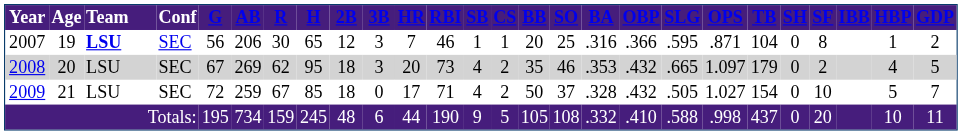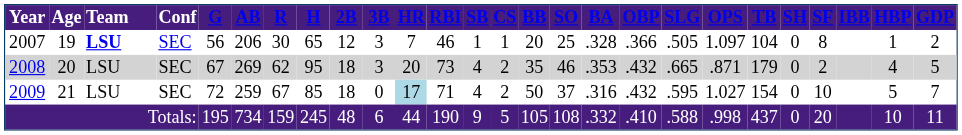 <table cellspacing="0" cellpadding="2" style="border: 1px #083c6b solid; text-align: center">
 <tr style="background-color:#461D7C; color:white">
 <th width="35">Year</th>
 <th align="left" width="20">Age</th>
 <th align="left" width="60">Team</th>
 <th align="left" width="20">Conf</th>
 <th width="25"><a href='#'><span>G</span></a></th>
 <th width="25"><a href='#'><span>AB</span></a></th>
 <th width="25"><a href='#'><span>R</span></a></th>
 <th width="25"><a href='#'><span>H</span></a></th>
 <th width="25"><a href='#'><span>2B</span></a></th>
 <th width="25"><a href='#'><span>3B</span></a></th>
 <th width="20"><a href='#'><span>HR</span></a></th>
 <th width="25"><a href='#'><span>RBI</span></a></th>
 <th width="20"><a href='#'><span>SB</span></a></th>
 <th width="20"><a href='#'><span>CS</span></a></th>
 <th width="20"><a href='#'><span>BB</span></a></th>
 <th width="20"><a href='#'><span>SO</span></a></th>
 <th width="30"><a href='#'><span>BA</span></a></th>
 <th width="30"><a href='#'><span>OBP</span></a></th>
 <th width="30"><a href='#'><span>SLG</span></a></th>
 <th width="30"><a href='#'><span>OPS</span></a></th>
 <th width="25"><a href='#'><span>TB</span></a></th>
 <th width="20"><a href='#'><span>SH</span></a></th>
 <th width="20"><a href='#'><span>SF</span></a></th>
 <th width="25"><a href='#'><span>IBB</span></a></th>
 <th width="25"><a href='#'><span>HBP</span></a></th>
 <th width="25"><a href='#'><span>GDP</span></a></th>
 </tr>
 <tr>
 <td>2007</td>
 <td>19</td>
 <td align="left"><strong><a href='#'>LSU</a></strong></td>
 <td align="left"><a href='#'>SEC</a></td>
 <td>56</td>
 <td>206</td>
 <td>30</td>
 <td>65</td>
 <td>12</td>
 <td>3</td>
 <td>7</td>
 <td>46</td>
 <td>1</td>
 <td>1</td>
 <td>20</td>
 <td>25</td>
-<td>.316</td>
+<td>.328</td>
 <td>.366</td>
-<td>.595</td>
-<td>.871</td>
+<td>.505</td>
+<td>1.097</td>
 <td>104</td>
 <td>0</td>
 <td>8</td>
 <td></td>
 <td>1</td>
 <td>2</td>
 </tr>
 <tr style="background-color:#D3D3D3">
 <td><a href='#'>2008</a></td>
 <td>20</td>
 <td align="left">LSU</td>
 <td align="left">SEC</td>
 <td>67</td>
 <td>269</td>
 <td>62</td>
 <td>95</td>
 <td>18</td>
 <td>3</td>
 <td>20</td>
 <td>73</td>
 <td>4</td>
 <td>2</td>
 <td>35</td>
 <td>46</td>
 <td>.353</td>
 <td>.432</td>
 <td>.665</td>
-<td>1.097</td>
+<td>.871</td>
 <td>179</td>
 <td>0</td>
 <td>2</td>
 <td></td>
 <td>4</td>
 <td>5</td>
 </tr>
 <tr>
 <td><a href='#'>2009</a></td>
 <td>21</td>
 <td align="left">LSU</td>
 <td align="left">SEC</td>
 <td>72</td>
 <td>259</td>
 <td>67</td>
 <td>85</td>
 <td>18</td>
 <td>0</td>
-<td>17</td>
+<td style="background: lightblue;">17</td>
 <td>71</td>
 <td>4</td>
 <td>2</td>
 <td>50</td>
 <td>37</td>
-<td>.328</td>
+<td>.316</td>
 <td>.432</td>
-<td>.505</td>
+<td>.595</td>
 <td>1.027</td>
 <td>154</td>
 <td>0</td>
 <td>10</td>
 <td></td>
 <td>5</td>
 <td>7</td>
 </tr>
 <tr style="background-color:#461D7C; color:white">
 <td colspan=4 align="right">Totals:</td>
 <td>195</td>
 <td>734</td>
 <td>159</td>
 <td>245</td>
 <td>48</td>
 <td>6</td>
 <td>44</td>
 <td>190</td>
 <td>9</td>
 <td>5</td>
 <td>105</td>
 <td>108</td>
 <td>.332</td>
 <td>.410</td>
 <td>.588</td>
 <td>.998</td>
 <td>437</td>
 <td>0</td>
 <td>20</td>
 <td></td>
 <td>10</td>
 <td>11</td>
 </tr>
 </table>
